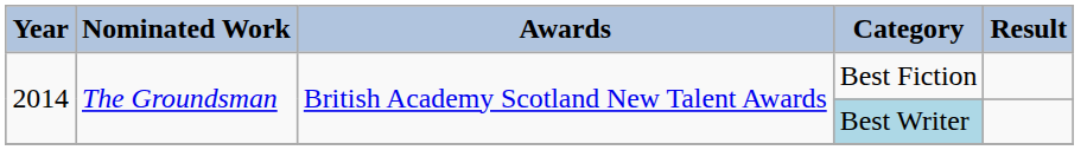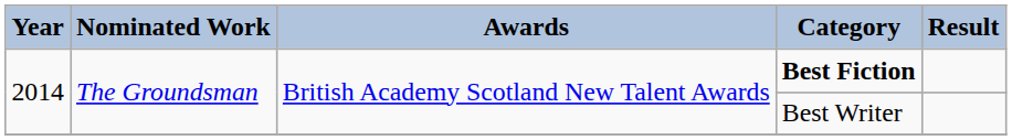 <table class="wikitable" style="font-size:90%">
 <tr style="text-align:center;">
 <th style="background:#B0C4DE;">Year</th>
 <th style="background:#B0C4DE;">Nominated Work</th>
 <th style="background:#B0C4DE;">Awards</th>
 <th style="background:#B0C4DE;">Category</th>
 <th style="background:#B0C4DE;">Result</th>
 </tr>
 <tr>
 <td rowspan=2>2014</td>
 <td rowspan=2><em><a href='#'>The Groundsman</a></em></td>
 <td rowspan=2><a href='#'>British Academy Scotland New Talent Awards</a></td>
-<td>Best Fiction</td>
+<td><strong>Best Fiction</strong></td>
 <td></td>
 </tr>
 <tr>
-<td style="background: lightblue;">Best Writer</td>
+<td>Best Writer</td>
 <td></td>
 </tr>
 <tr>
 </tr>
 </table>
